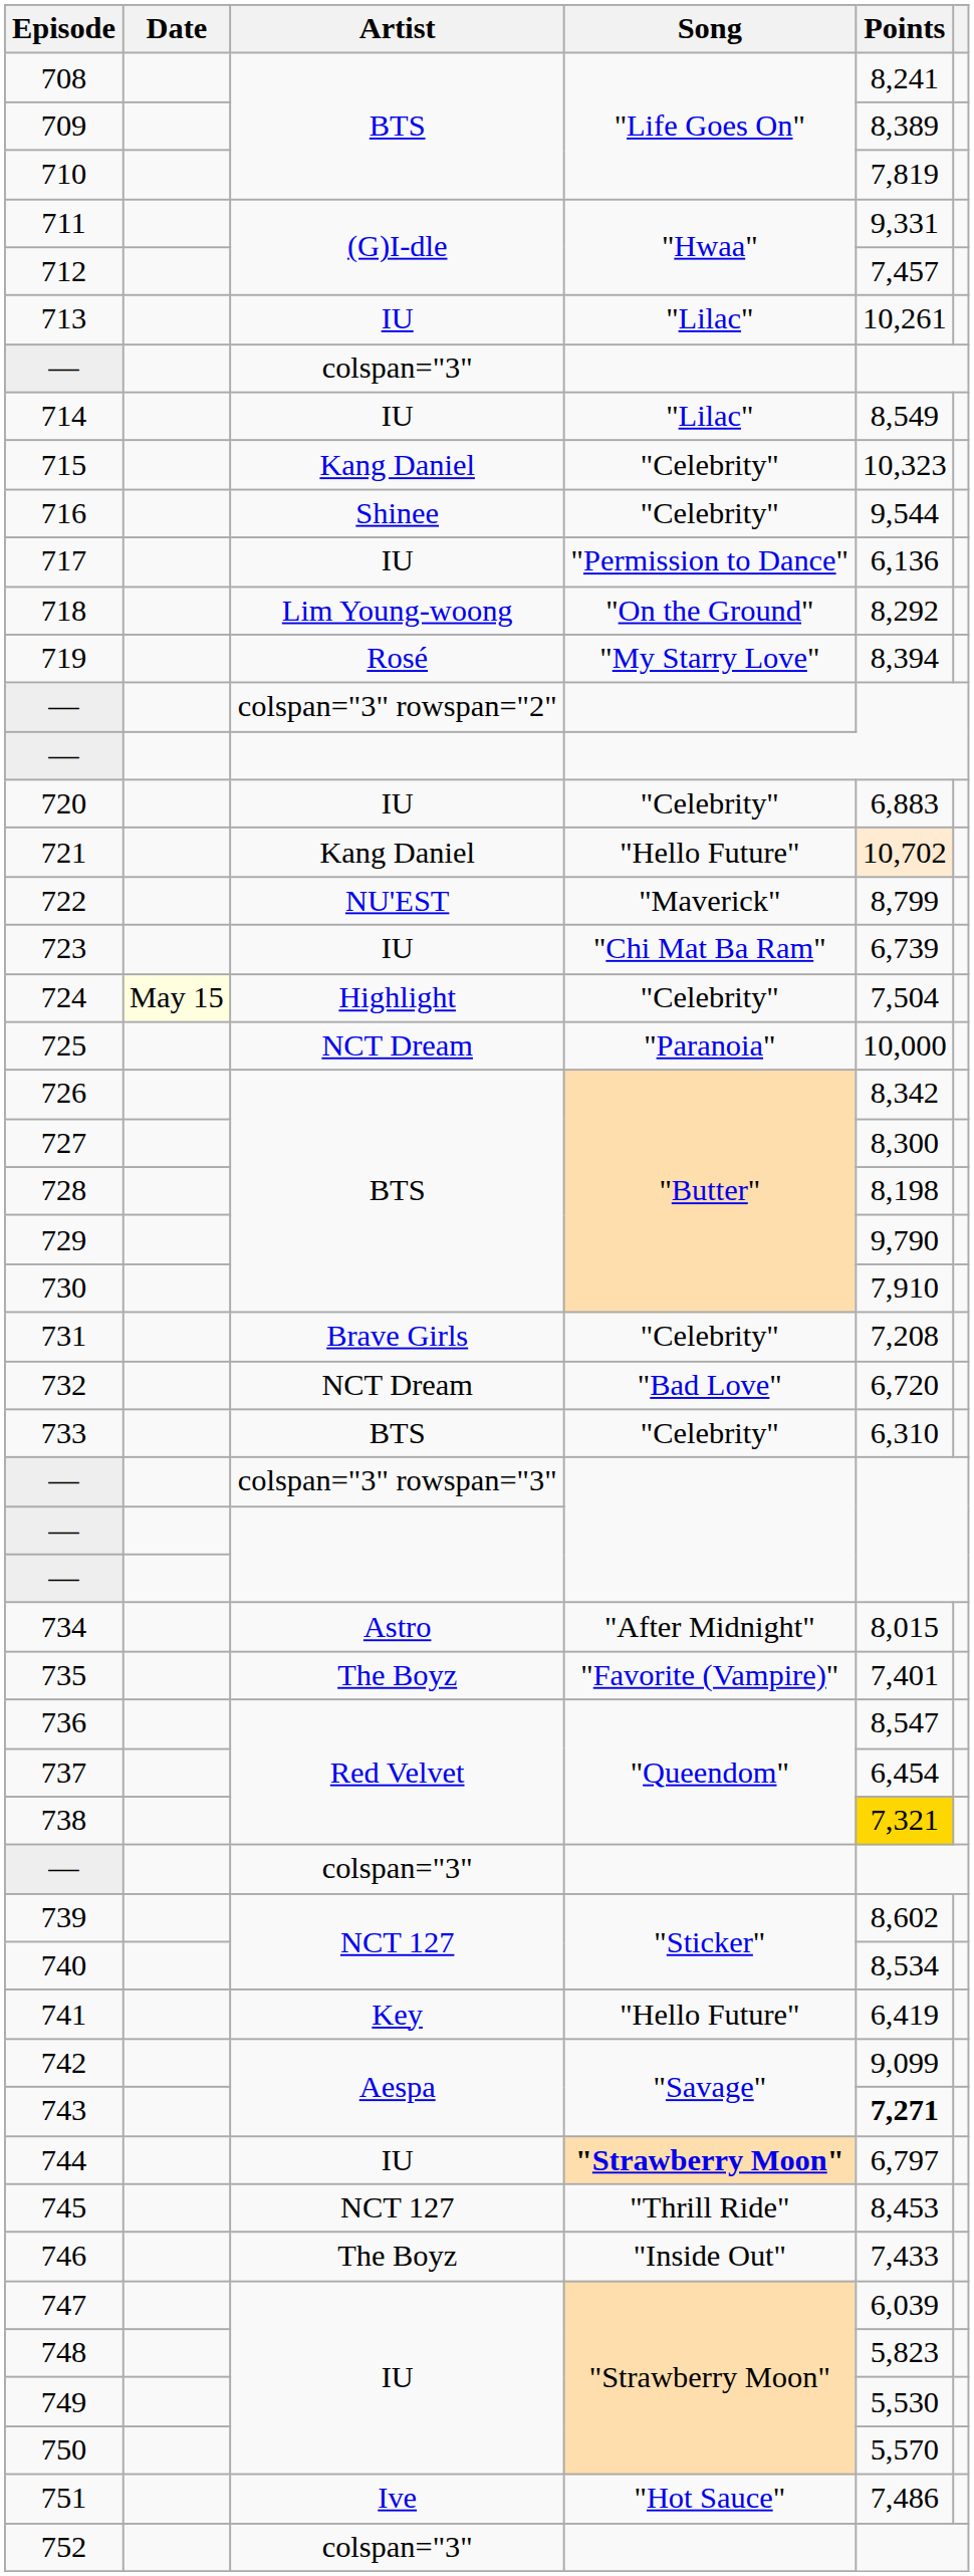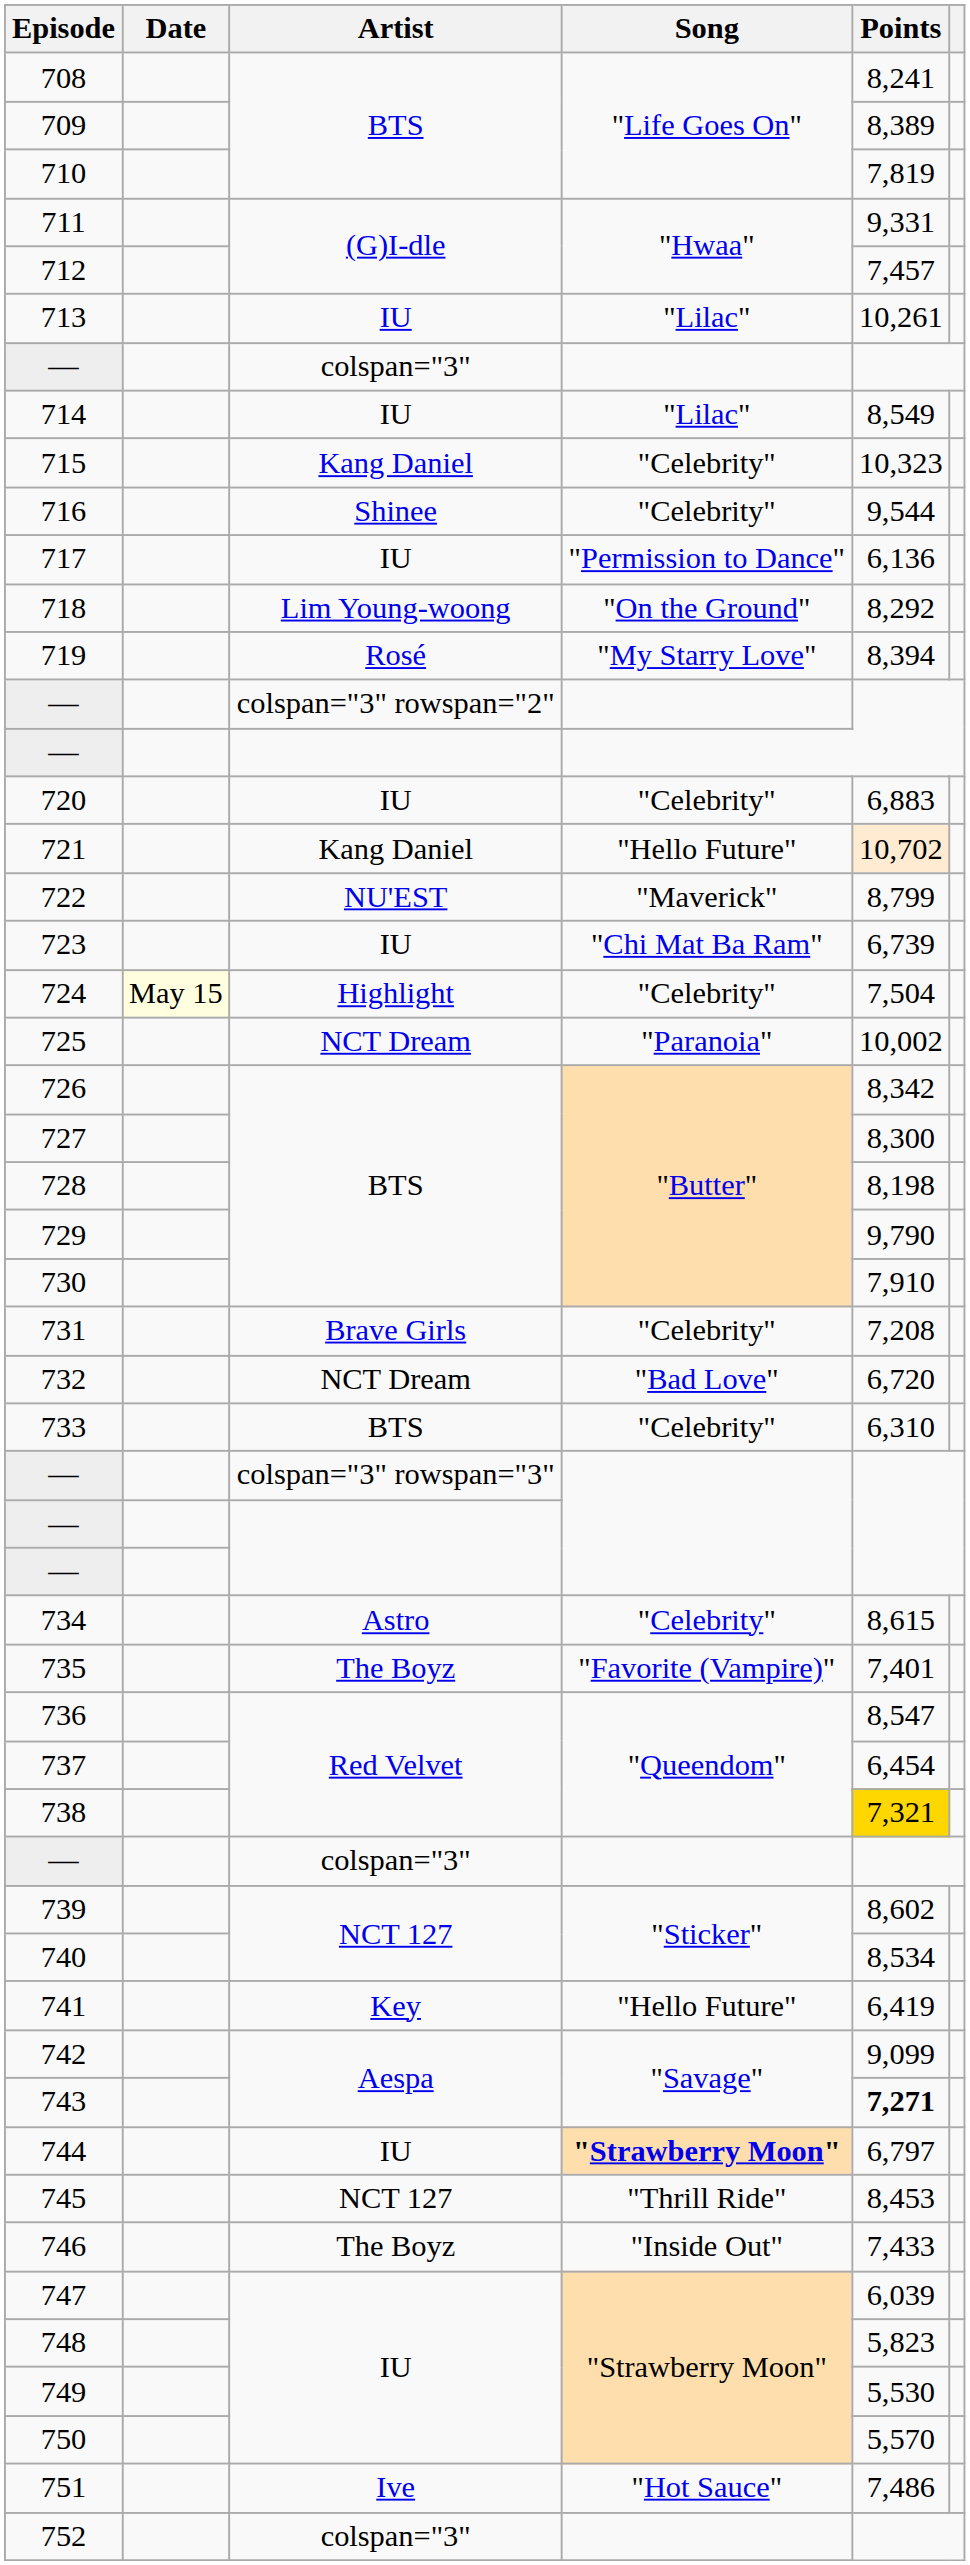 <table class="sortable wikitable" style="text-align:center">
 <tr>
 <th>Episode</th>
 <th>Date</th>
 <th>Artist</th>
 <th>Song</th>
 <th>Points</th>
 <th class="unsortable"></th>
 </tr>
 <tr>
 <td>708</td>
 <td></td>
 <td rowspan="3"><a href='#'>BTS</a></td>
 <td rowspan="3">"<a href='#'>Life Goes On</a>"</td>
 <td>8,241</td>
 <td></td>
 </tr>
 <tr>
 <td>709</td>
 <td></td>
 <td>8,389</td>
 <td></td>
 </tr>
 <tr>
 <td>710</td>
 <td></td>
 <td>7,819</td>
 <td></td>
 </tr>
 <tr>
 <td>711</td>
 <td></td>
 <td rowspan="2"><a href='#'>(G)I-dle</a></td>
 <td rowspan="2">"<a href='#'>Hwaa</a>"</td>
 <td>9,331</td>
 <td></td>
 </tr>
 <tr>
 <td>712</td>
 <td></td>
 <td>7,457</td>
 <td></td>
 </tr>
 <tr>
 <td>713</td>
 <td></td>
 <td><a href='#'>IU</a></td>
 <td>"<a href='#'>Lilac</a>"</td>
 <td>10,261</td>
 <td></td>
 </tr>
 <tr>
 <td style="background:#eee">—</td>
 <td></td>
 <td>colspan="3" </td>
 <td></td>
 </tr>
 <tr>
 <td>714</td>
 <td></td>
 <td>IU</td>
 <td>"<a href='#'>Lilac</a>"</td>
 <td>8,549</td>
 <td></td>
 </tr>
 <tr>
 <td>715</td>
 <td></td>
 <td><a href='#'>Kang Daniel</a></td>
 <td>"Celebrity"</td>
 <td>10,323</td>
 <td></td>
 </tr>
 <tr>
 <td>716</td>
 <td></td>
 <td><a href='#'>Shinee</a></td>
 <td>"Celebrity"</td>
 <td>9,544</td>
 <td></td>
 </tr>
 <tr>
 <td>717</td>
 <td></td>
 <td>IU</td>
 <td>"<a href='#'>Permission to Dance</a>"</td>
 <td>6,136</td>
 <td></td>
 </tr>
 <tr>
 <td>718</td>
 <td></td>
 <td><a href='#'>Lim Young-woong</a></td>
 <td>"<a href='#'>On the Ground</a>"</td>
 <td>8,292</td>
 <td></td>
 </tr>
 <tr>
 <td>719</td>
 <td></td>
 <td><a href='#'>Rosé</a></td>
 <td>"<a href='#'>My Starry Love</a>"</td>
 <td>8,394</td>
 <td></td>
 </tr>
 <tr>
 <td style="background:#eee">—</td>
 <td></td>
 <td>colspan="3" rowspan="2" </td>
 <td></td>
 </tr>
 <tr>
 <td style="background:#eee">—</td>
 <td></td>
 <td></td>
 </tr>
 <tr>
 <td>720</td>
 <td></td>
 <td>IU</td>
 <td>"Celebrity"</td>
 <td>6,883</td>
 <td></td>
 </tr>
 <tr>
 <td>721</td>
 <td></td>
 <td>Kang Daniel</td>
 <td>"Hello Future"</td>
 <td style='background: #ffebd2;'>10,702</td>
 <td></td>
 </tr>
 <tr>
 <td>722</td>
 <td></td>
 <td><a href='#'>NU'EST</a></td>
 <td>"Maverick"</td>
 <td>8,799</td>
 <td></td>
 </tr>
 <tr>
 <td>723</td>
 <td></td>
 <td>IU</td>
 <td>"<a href='#'>Chi Mat Ba Ram</a>"</td>
 <td>6,739</td>
 <td></td>
 </tr>
 <tr>
 <td>724</td>
 <td style="background: lightyellow;">May 15</td>
 <td><a href='#'>Highlight</a></td>
 <td>"Celebrity"</td>
 <td>7,504</td>
 <td></td>
 </tr>
 <tr>
 <td>725</td>
 <td></td>
 <td><a href='#'>NCT Dream</a></td>
 <td>"<a href='#'>Paranoia</a>"</td>
-<td>10,000</td>
+<td>10,002</td>
 <td></td>
 </tr>
 <tr>
 <td>726</td>
 <td></td>
 <td rowspan="5">BTS</td>
 <td rowspan="5" style='background: #ffdead';>"<a href='#'>Butter</a>"</td>
 <td>8,342</td>
 <td></td>
 </tr>
 <tr>
 <td>727</td>
 <td></td>
 <td>8,300</td>
 <td></td>
 </tr>
 <tr>
 <td>728</td>
 <td></td>
 <td>8,198</td>
 <td></td>
 </tr>
 <tr>
 <td>729</td>
 <td></td>
 <td>9,790</td>
 <td></td>
 </tr>
 <tr>
 <td>730</td>
 <td></td>
 <td>7,910</td>
 <td></td>
 </tr>
 <tr>
 <td>731</td>
 <td></td>
 <td><a href='#'>Brave Girls</a></td>
 <td>"Celebrity"</td>
 <td>7,208</td>
 <td></td>
 </tr>
 <tr>
 <td>732</td>
 <td></td>
 <td>NCT Dream</td>
 <td>"<a href='#'>Bad Love</a>"</td>
 <td>6,720</td>
 <td></td>
 </tr>
 <tr>
 <td>733</td>
 <td></td>
 <td>BTS</td>
 <td>"Celebrity"</td>
 <td>6,310</td>
 <td></td>
 </tr>
 <tr>
 <td style="background:#eee">—</td>
 <td></td>
 <td>colspan="3" rowspan="3" </td>
 <td rowspan="3"></td>
 </tr>
 <tr>
 <td style="background:#eee">—</td>
 <td></td>
 </tr>
 <tr>
 <td style="background:#eee">—</td>
 <td></td>
 </tr>
 <tr>
 <td>734</td>
 <td></td>
 <td><a href='#'>Astro</a></td>
-<td>"After Midnight"</td>
-<td>8,015</td>
+<td>"<a href='#'>Celebrity</a>"</td>
+<td>8,615</td>
 <td></td>
 </tr>
 <tr>
 <td>735</td>
 <td></td>
 <td><a href='#'>The Boyz</a></td>
 <td>"<a href='#'>Favorite (Vampire)</a>"</td>
 <td>7,401</td>
 <td></td>
 </tr>
 <tr>
 <td>736</td>
 <td></td>
 <td rowspan="3"><a href='#'>Red Velvet</a></td>
 <td rowspan="3">"<a href='#'>Queendom</a>"</td>
 <td>8,547</td>
 <td></td>
 </tr>
 <tr>
 <td>737</td>
 <td></td>
 <td>6,454</td>
 <td></td>
 </tr>
 <tr>
 <td>738</td>
 <td></td>
 <td style="background: gold;">7,321</td>
 <td></td>
 </tr>
 <tr>
 <td style="background:#eee">—</td>
 <td></td>
 <td>colspan="3" </td>
 <td></td>
 </tr>
 <tr>
 <td>739</td>
 <td></td>
 <td rowspan="2"><a href='#'>NCT 127</a></td>
 <td rowspan="2">"<a href='#'>Sticker</a>"</td>
 <td>8,602</td>
 <td></td>
 </tr>
 <tr>
 <td>740</td>
 <td></td>
 <td>8,534</td>
 <td></td>
 </tr>
 <tr>
 <td>741</td>
 <td></td>
 <td><a href='#'>Key</a></td>
 <td>"Hello Future"</td>
 <td>6,419</td>
 <td></td>
 </tr>
 <tr>
 <td>742</td>
 <td></td>
 <td rowspan="2"><a href='#'>Aespa</a></td>
 <td rowspan="2">"<a href='#'>Savage</a>"</td>
 <td>9,099</td>
 <td></td>
 </tr>
 <tr>
 <td>743</td>
 <td></td>
 <td><strong>7,271</strong></td>
 <td></td>
 </tr>
 <tr>
 <td>744</td>
 <td></td>
 <td>IU</td>
 <td style='background: #ffdead';><strong>"<a href='#'>Strawberry Moon</a>"</strong></td>
 <td>6,797</td>
 <td></td>
 </tr>
 <tr>
 <td>745</td>
 <td></td>
 <td>NCT 127</td>
 <td>"Thrill Ride"</td>
 <td>8,453</td>
 <td></td>
 </tr>
 <tr>
 <td>746</td>
 <td></td>
 <td>The Boyz</td>
 <td>"Inside Out"</td>
 <td>7,433</td>
 <td></td>
 </tr>
 <tr>
 <td>747</td>
 <td></td>
 <td rowspan="4">IU</td>
 <td rowspan="4" style='background: #ffdead';>"Strawberry Moon"</td>
 <td>6,039</td>
 <td></td>
 </tr>
 <tr>
 <td>748</td>
 <td></td>
 <td>5,823</td>
 <td></td>
 </tr>
 <tr>
 <td>749</td>
 <td></td>
 <td>5,530</td>
 <td></td>
 </tr>
 <tr>
 <td>750</td>
 <td></td>
 <td>5,570</td>
 <td></td>
 </tr>
 <tr>
 <td>751</td>
 <td></td>
 <td><a href='#'>Ive</a></td>
 <td>"<a href='#'>Hot Sauce</a>"</td>
 <td>7,486</td>
 <td></td>
 </tr>
 <tr>
 <td>752</td>
 <td></td>
 <td>colspan="3" </td>
 <td></td>
 </tr>
 <tr>
 </tr>
 </table>
